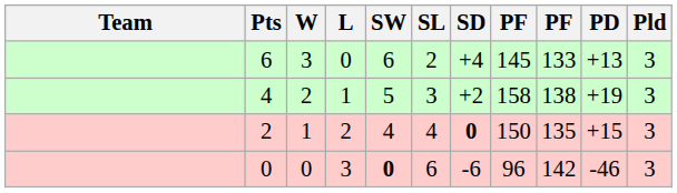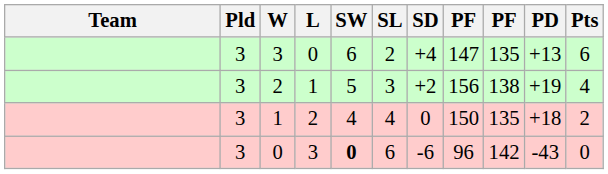 <table class=wikitable style="text-align:center">
 <tr>
 <th width=160>Team</th>
-<th width=20>Pts</th>
+<th width=20>Pld</th>
 <th width=20>W</th>
 <th width=20>L</th>
 <th width=20>SW</th>
 <th width=20>SL</th>
 <th width=20>SD</th>
 <th width=20>PF</th>
 <th width=20>PF</th>
 <th width=20>PD</th>
-<th width=20>Pld</th>
+<th width=20>Pts</th>
 </tr>
 <tr bgcolor="ccffcc">
 <td align=left></td>
-<td>6</td>
+<td>3</td>
 <td>3</td>
 <td>0</td>
 <td>6</td>
 <td>2</td>
 <td>+4</td>
-<td>145</td>
-<td>133</td>
+<td>147</td>
+<td>135</td>
 <td>+13</td>
-<td>3</td>
+<td>6</td>
 </tr>
 <tr bgcolor="ccffcc">
 <td align=left></td>
-<td>4</td>
+<td>3</td>
 <td>2</td>
 <td>1</td>
 <td>5</td>
 <td>3</td>
 <td>+2</td>
-<td>158</td>
+<td>156</td>
 <td>138</td>
 <td>+19</td>
-<td>3</td>
+<td>4</td>
 </tr>
 <tr bgcolor="ffcccc">
 <td align=left></td>
-<td>2</td>
+<td>3</td>
 <td>1</td>
 <td>2</td>
 <td>4</td>
 <td>4</td>
-<td><strong>0</strong></td>
+<td>0</td>
 <td>150</td>
 <td>135</td>
-<td>+15</td>
-<td>3</td>
+<td>+18</td>
+<td>2</td>
 </tr>
 <tr bgcolor="ffcccc">
 <td align=left></td>
-<td>0</td>
+<td>3</td>
 <td>0</td>
 <td>3</td>
 <td><strong>0</strong></td>
 <td>6</td>
 <td>-6</td>
 <td>96</td>
 <td>142</td>
-<td>-46</td>
-<td>3</td>
+<td>-43</td>
+<td>0</td>
 </tr>
 </table>
